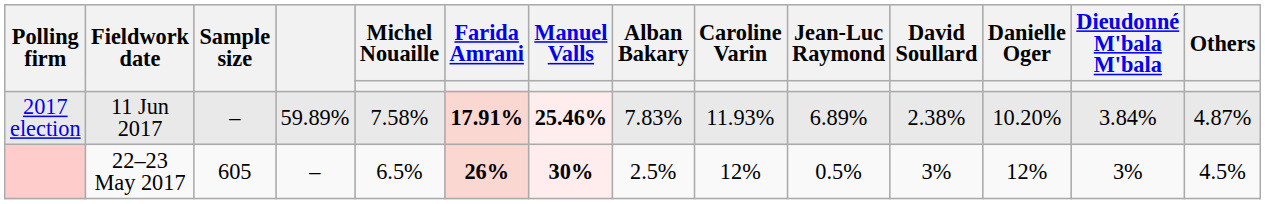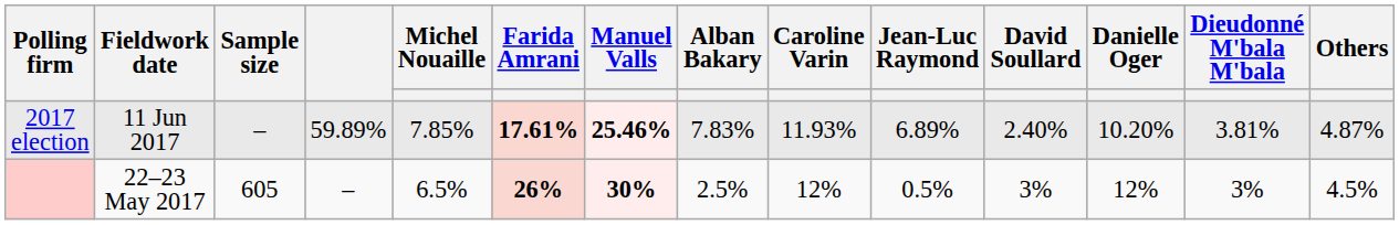 <table class="wikitable sortable" style="text-align:center;font-size:90%;line-height:14px;">
 <tr style="height:40px;">
 <th style="width:100px;" rowspan="2">Polling firm</th>
 <th style="width:110px;" rowspan="2">Fieldwork date</th>
 <th style="width:35px;" rowspan="2">Sample<br>size</th>
 <th style="width:30px;" rowspan="2"></th>
 <th class="unsortable" style="width:60px;">Michel Nouaille<br></th>
 <th class="unsortable" style="width:60px;"><a href='#'>Farida Amrani</a><br></th>
 <th class="unsortable" style="width:60px;"><a href='#'>Manuel Valls</a><br></th>
 <th class="unsortable" style="width:60px;">Alban Bakary<br></th>
 <th class="unsortable" style="width:60px;">Caroline Varin<br></th>
 <th class="unsortable" style="width:60px;">Jean-Luc Raymond<br></th>
 <th class="unsortable" style="width:60px;">David Soullard<br></th>
 <th class="unsortable" style="width:60px;">Danielle Oger<br></th>
 <th class="unsortable" style="width:60px;"><a href='#'>Dieudonné M'bala M'bala</a><br></th>
 <th class="unsortable" style="width:60px;">Others</th>
 </tr>
 <tr>
 <th style="background:"></th>
 <th style="background:"></th>
 <th style="background:"></th>
 <th style="background:"></th>
 <th style="background:"></th>
 <th style="background:"></th>
 <th style="background:"></th>
 <th style="background:"></th>
 <th style="background:"></th>
 <th style="background:"></th>
 </tr>
 <tr style="background:#E9E9E9;">
 <td><a href='#'>2017 election</a></td>
 <td data-sort-value="2017-06-11">11 Jun 2017</td>
 <td>–</td>
 <td>59.89%</td>
-<td>7.58%</td>
-<td style="background:#FBD7D2;"><strong>17.91%</strong></td>
+<td>7.85%</td>
+<td style="background:#FBD7D2;"><strong>17.61%</strong></td>
 <td style="background:#FFEDED;"><strong>25.46%</strong></td>
 <td>7.83%</td>
 <td>11.93%</td>
 <td>6.89%</td>
-<td>2.38%</td>
+<td>2.40%</td>
 <td>10.20%</td>
-<td>3.84%</td>
+<td>3.81%</td>
 <td>4.87%</td>
 </tr>
 <tr>
 <td style="background:#FFCCCC;"></td>
 <td data-sort-value="2017-05-23">22–23 May 2017</td>
 <td>605</td>
 <td>–</td>
 <td>6.5%</td>
 <td style="background:#FBD7D2;"><strong>26%</strong></td>
 <td style="background:#FFEDED;"><strong>30%</strong></td>
 <td>2.5%</td>
 <td>12%</td>
 <td>0.5%</td>
 <td>3%</td>
 <td>12%</td>
 <td>3%</td>
 <td>4.5%</td>
 </tr>
 </table>
